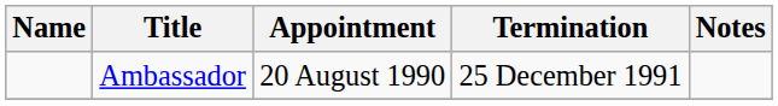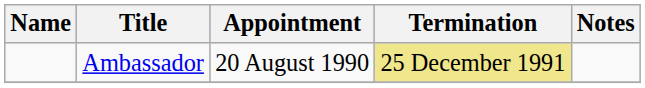 <table class="wikitable">
 <tr valign="middle">
 <th>Name</th>
 <th>Title</th>
 <th>Appointment</th>
 <th>Termination</th>
 <th>Notes</th>
 </tr>
 <tr>
 <td></td>
 <td><a href='#'>Ambassador</a></td>
 <td>20 August 1990</td>
-<td>25 December 1991</td>
+<td style="background: khaki;">25 December 1991</td>
 <td></td>
 </tr>
 <tr>
 </tr>
 </table>
